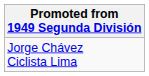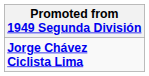 <table class="wikitable">
 <tr>
 <th>Promoted from<br><a href='#'>1949 Segunda División</a></th>
 </tr>
 <tr>
-<td> <a href='#'>Jorge Chávez</a> <br> <a href='#'>Ciclista Lima</a> </td>
+<td><strong> <a href='#'>Jorge Chávez</a> <br> <a href='#'>Ciclista Lima</a> </strong></td>
 </tr>
 </table>
